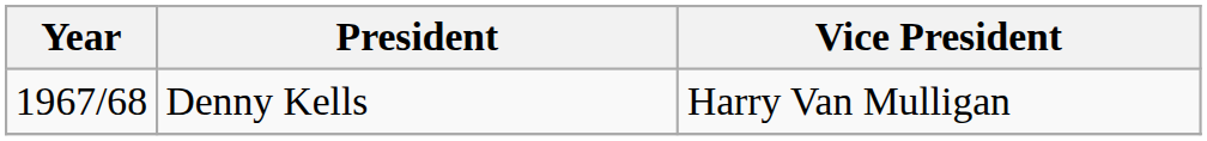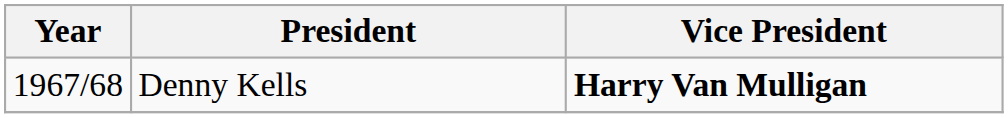 <table class="wikitable">
 <tr>
 <th>Year</th>
 <th>President</th>
 <th>Vice President</th>
 </tr>
 <tr>
 <td>1967/68</td>
 <td style="width: 200px;">Denny Kells</td>
-<td style="width: 200px;">Harry Van Mulligan</td>
+<td style="width: 200px;"><strong>Harry Van Mulligan</strong></td>
 </tr>
 <tr>
 </tr>
 </table>
